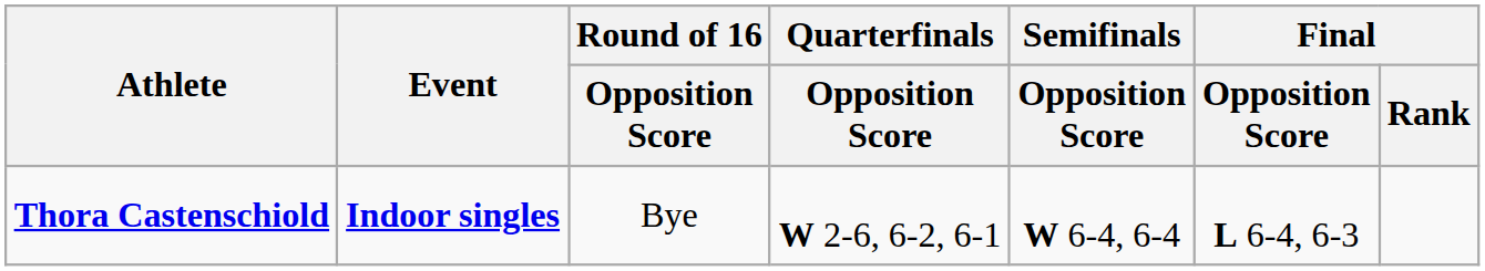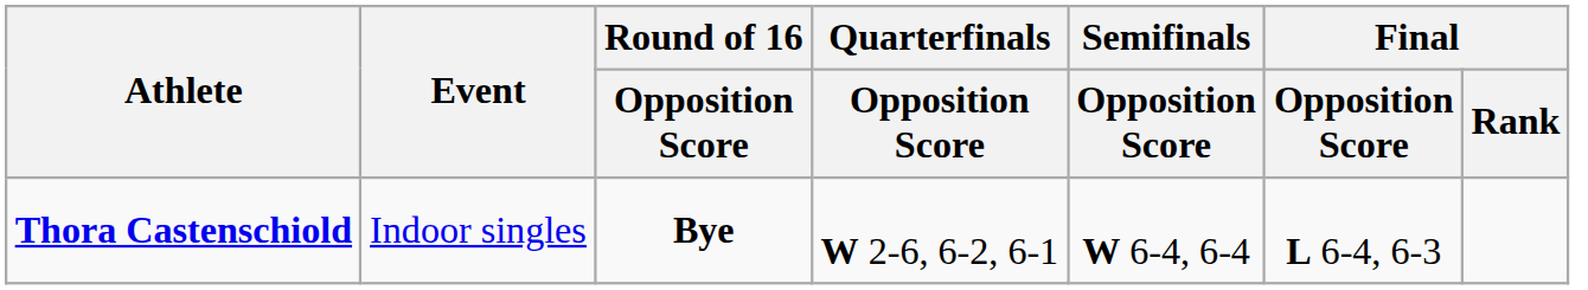 <table class=wikitable style="font-size:90%">
 <tr>
 <th rowspan="2">Athlete</th>
 <th rowspan="2">Event</th>
 <th>Round of 16</th>
 <th>Quarterfinals</th>
 <th>Semifinals</th>
 <th colspan="2">Final</th>
 </tr>
 <tr>
 <th>Opposition<br>Score</th>
 <th>Opposition<br>Score</th>
 <th>Opposition<br>Score</th>
 <th>Opposition<br>Score</th>
 <th>Rank</th>
 </tr>
 <tr>
 <td><strong><a href='#'>Thora Castenschiold</a></strong></td>
-<td><strong><a href='#'>Indoor singles</a></strong></td>
-<td align=center>Bye</td>
+<td><a href='#'>Indoor singles</a></td>
+<td align=center><strong>Bye</strong></td>
 <td align=center> <br> <strong>W</strong> 2-6, 6-2, 6-1</td>
 <td align=center> <br> <strong>W</strong> 6-4, 6-4</td>
 <td align=center> <br> <strong>L</strong> 6-4, 6-3</td>
 <td align=center></td>
 </tr>
 </table>
